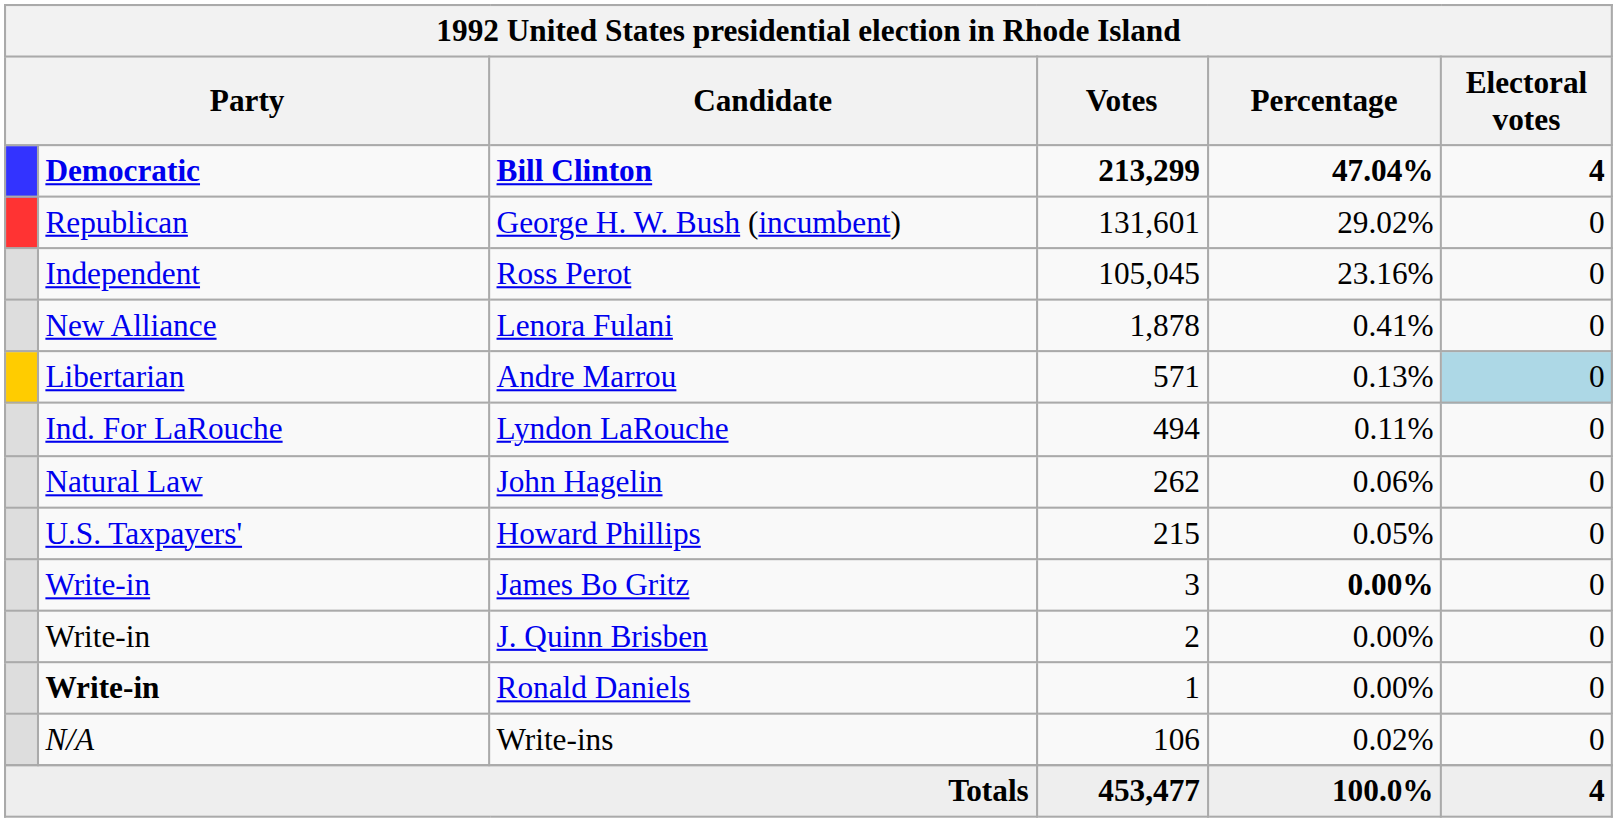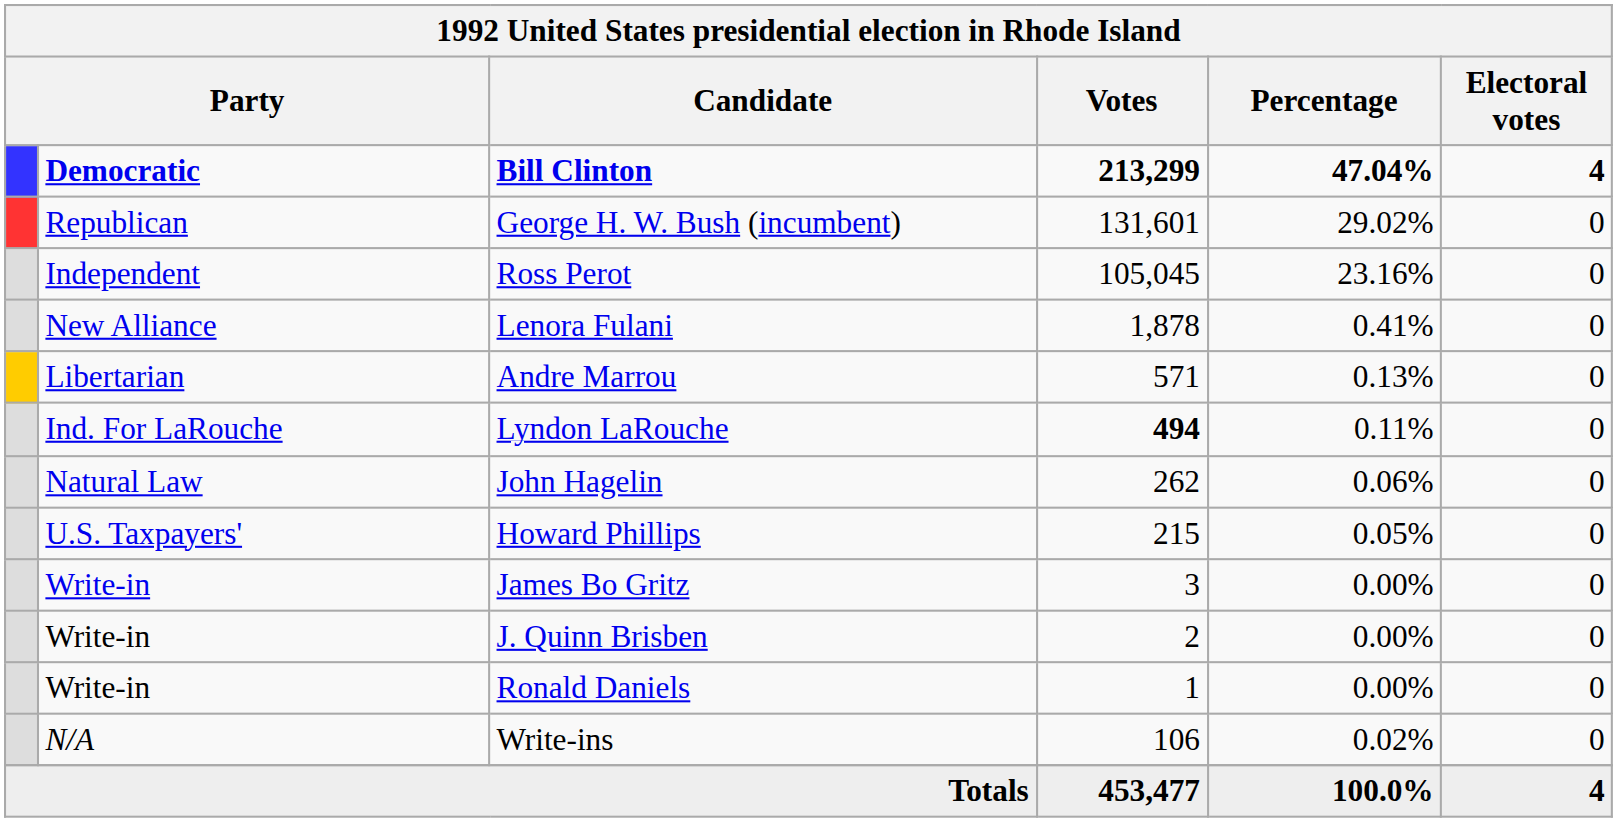 <table class="wikitable" style="font-size: 95%;">
 <tr>
 <th colspan="6">1992 United States presidential election in Rhode Island</th>
 </tr>
 <tr>
 <th colspan="2" style="width: 15em">Party</th>
 <th style="width: 17em">Candidate</th>
 <th style="width: 5em">Votes</th>
 <th style="width: 7em">Percentage</th>
 <th style="width: 5em">Electoral votes</th>
 </tr>
 <tr>
 <th style="background-color:#3333FF; width: 3px"></th>
 <td style="width: 130px"><strong><a href='#'>Democratic</a></strong></td>
 <td><strong><a href='#'>Bill Clinton</a></strong></td>
 <td align="right"><strong>213,299</strong></td>
 <td align="right"><strong>47.04%</strong></td>
 <td align="right"><strong>4</strong></td>
 </tr>
 <tr>
 <th style="background-color:#FF3333; width: 3px"></th>
 <td style="width: 130px"><a href='#'>Republican</a></td>
 <td><a href='#'>George H. W. Bush</a> (<a href='#'>incumbent</a>)</td>
 <td align="right">131,601</td>
 <td align="right">29.02%</td>
 <td align="right">0</td>
 </tr>
 <tr>
 <th style="background-color:#DDDDDD; width: 3px"></th>
 <td style="width: 130px"><a href='#'>Independent</a></td>
 <td><a href='#'>Ross Perot</a></td>
 <td align="right">105,045</td>
 <td align="right">23.16%</td>
 <td align="right">0</td>
 </tr>
 <tr>
 <th style="background-color:#DDDDDD; width: 3px"></th>
 <td style="width: 130px"><a href='#'>New Alliance</a></td>
 <td><a href='#'>Lenora Fulani</a></td>
 <td align="right">1,878</td>
 <td align="right">0.41%</td>
 <td align="right">0</td>
 </tr>
 <tr>
 <th style="background-color:#FFCC00; width: 3px"></th>
 <td style="width: 130px"><a href='#'>Libertarian</a></td>
 <td><a href='#'>Andre Marrou</a></td>
 <td align="right">571</td>
 <td align="right">0.13%</td>
-<td align="right" style="background: lightblue;">0</td>
+<td align="right">0</td>
 </tr>
 <tr>
 <th style="background-color:#DDDDDD; width: 3px"></th>
 <td style="width: 130px"><a href='#'>Ind. For LaRouche</a></td>
 <td><a href='#'>Lyndon LaRouche</a></td>
-<td align="right">494</td>
+<td align="right"><strong>494</strong></td>
 <td align="right">0.11%</td>
 <td align="right">0</td>
 </tr>
 <tr>
 <th style="background-color:#DDDDDD; width: 3px"></th>
 <td style="width: 130px"><a href='#'>Natural Law</a></td>
 <td><a href='#'>John Hagelin</a></td>
 <td align="right">262</td>
 <td align="right">0.06%</td>
 <td align="right">0</td>
 </tr>
 <tr>
 <th style="background-color:#DDDDDD; width: 3px"></th>
 <td style="width: 130px"><a href='#'>U.S. Taxpayers'</a></td>
 <td><a href='#'>Howard Phillips</a></td>
 <td align="right">215</td>
 <td align="right">0.05%</td>
 <td align="right">0</td>
 </tr>
 <tr>
 <th style="background-color:#DDDDDD; width: 3px"></th>
 <td style="width: 130px"><a href='#'>Write-in</a></td>
 <td><a href='#'>James Bo Gritz</a></td>
 <td align="right">3</td>
-<td align="right"><strong>0.00%</strong></td>
+<td align="right">0.00%</td>
 <td align="right">0</td>
 </tr>
 <tr>
 <th style="background-color:#DDDDDD; width: 3px"></th>
 <td style="width: 130px">Write-in</td>
 <td><a href='#'>J. Quinn Brisben</a></td>
 <td align="right">2</td>
 <td align="right">0.00%</td>
 <td align="right">0</td>
 </tr>
 <tr>
 <th style="background-color:#DDDDDD; width: 3px"></th>
-<td style="width: 130px"><strong>Write-in</strong></td>
+<td style="width: 130px">Write-in</td>
 <td><a href='#'>Ronald Daniels</a></td>
 <td align="right">1</td>
 <td align="right">0.00%</td>
 <td align="right">0</td>
 </tr>
 <tr>
 <th style="background-color:#DDDDDD; width: 3px"></th>
 <td style="width: 130px"><em>N/A</em></td>
 <td>Write-ins</td>
 <td align="right">106</td>
 <td align="right">0.02%</td>
 <td align="right">0</td>
 </tr>
 <tr>
 </tr>
 <tr bgcolor="#EEEEEE">
 <td colspan="3" align="right"><strong>Totals</strong></td>
 <td align="right"><strong>453,477</strong></td>
 <td align="right"><strong>100.0%</strong></td>
 <td align="right"><strong>4</strong></td>
 </tr>
 </table>
